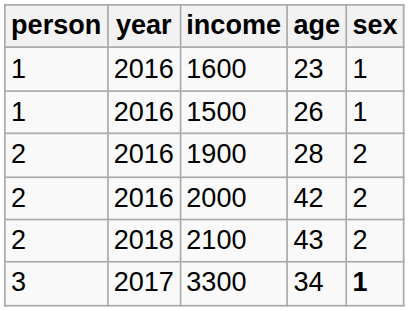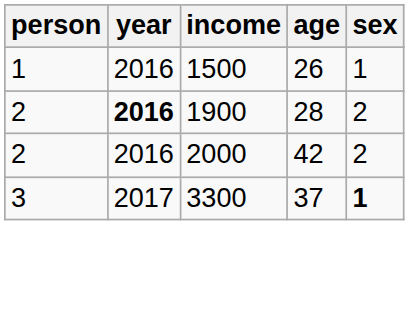 <table class="wikitable sortable" style="display:inline-table">
 <tr>
 <th scope="col">person</th>
 <th scope="col">year</th>
 <th scope="col">income</th>
 <th scope="col">age</th>
 <th scope="col">sex</th>
 </tr>
 <tr>
 <td>1</td>
 <td>2016</td>
-<td>1600</td>
-<td>23</td>
-<td>1</td>
-</tr>
-<tr>
-<td>1</td>
-<td>2016</td>
 <td>1500</td>
 <td>26</td>
 <td>1</td>
 </tr>
 <tr>
 <td>2</td>
-<td>2016</td>
+<td><strong>2016</strong></td>
 <td>1900</td>
 <td>28</td>
 <td>2</td>
 </tr>
 <tr>
 <td>2</td>
 <td>2016</td>
 <td>2000</td>
 <td>42</td>
 <td>2</td>
 </tr>
 <tr>
-<td>2</td>
-<td>2018</td>
-<td>2100</td>
-<td>43</td>
-<td>2</td>
-</tr>
-<tr>
 <td>3</td>
 <td>2017</td>
 <td>3300</td>
-<td>34</td>
+<td>37</td>
 <td><strong>1</strong></td>
 </tr>
 </table>
